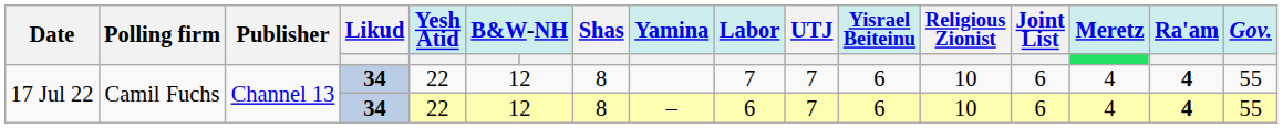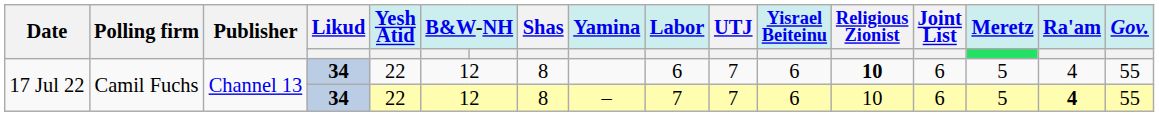 <table class="wikitable sortable" style=text-align:center;font-size:90%;line-height:12px>
 <tr>
 <th rowspan=2>Date</th>
 <th rowspan=2>Polling firm</th>
 <th rowspan=2>Publisher</th>
 <th><a href='#'>Likud</a></th>
 <th style=background:#cee><a href='#'>Yesh<br>Atid</a></th>
 <th style=background:#cee colspan=2><a href='#'>B&W</a>-<a href='#'>NH</a></th>
 <th><a href='#'>Shas</a></th>
 <th style=background:#cee><a href='#'>Yamina</a></th>
 <th style=background:#cee><a href='#'>Labor</a></th>
 <th><a href='#'>UTJ</a></th>
 <th style="background:#cee; font-size:90%"><a href='#'>Yisrael<br>Beiteinu</a></th>
 <th style=font-size:90%><a href='#'>Religious<br>Zionist</a></th>
 <th><a href='#'>Joint<br>List</a></th>
 <th style=background:#cee><a href='#'>Meretz</a></th>
 <th style=background:#cee><a href='#'>Ra'am</a></th>
 <th style=background:#cee><a href='#'><em>Gov.</em></a></th>
 </tr>
 <tr>
 <th style=background:></th>
 <th style=background:></th>
 <th style=background:></th>
 <th style=background:></th>
 <th style=background:></th>
 <th style=background:></th>
 <th style=background:></th>
 <th style=background:></th>
 <th style=background:></th>
 <th style=background:></th>
 <th style=background:></th>
 <th style=background:#23e164></th>
 <th style=background:></th>
 <th style=background:></th>
 </tr>
 <tr>
 <td rowspan=2 data-sort-value=2022-07-17>17 Jul 22</td>
 <td rowspan=2>Camil Fuchs</td>
 <td rowspan=2><a href='#'>Channel 13</a></td>
 <td style=background:#BBCDE4><strong>34</strong>	</td>
 <td>22					</td>
 <td colspan=2>12		</td>
 <td>8					</td>
 <td>	</td>
-<td>7					</td>
+<td>6					</td>
 <td>7					</td>
 <td>6					</td>
-<td>10					</td>
+<td><strong>10					</strong></td>
 <td>6					</td>
-<td>4	</td>
-<td><strong>4					</strong></td>
+<td>5	</td>
+<td>4					</td>
 <td>55					</td>
 </tr>
 <tr style=background:#fffdb0>
 <td style=background:#BBCDE4><strong>34</strong>	</td>
 <td>22					</td>
 <td colspan=2>12		</td>
 <td>8					</td>
 <td>–					</td>
-<td>6					</td>
+<td>7					</td>
 <td>7					</td>
 <td>6					</td>
 <td>10					</td>
 <td>6					</td>
-<td>4					</td>
+<td>5					</td>
 <td><strong>4					</strong></td>
 <td>55					</td>
 </tr>
 </table>
